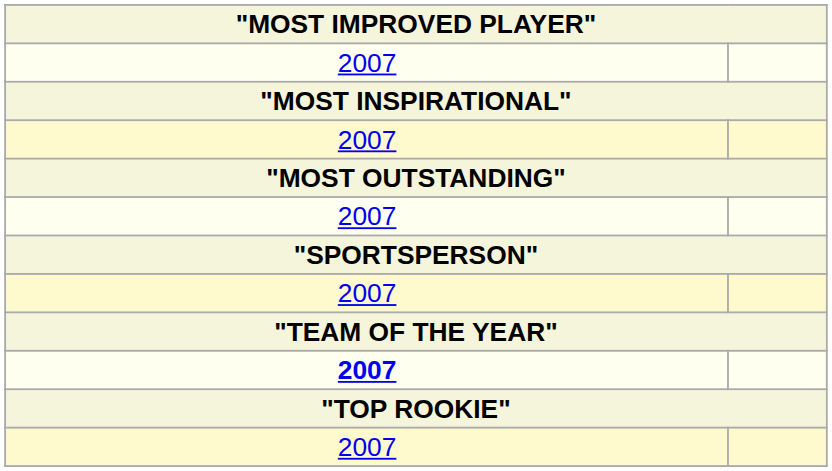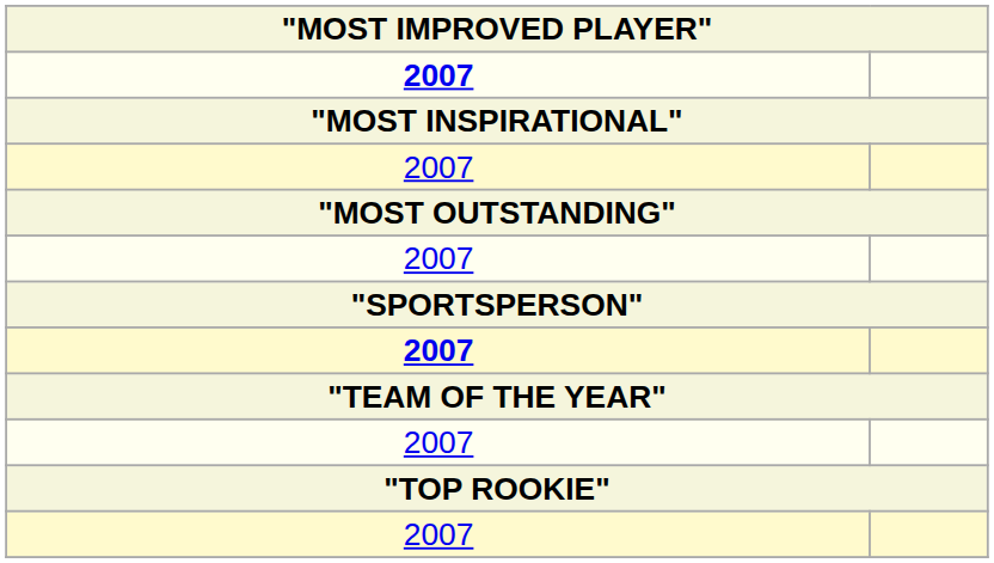 <table border=1 align=center width=72% cellpadding=2 cellspacing=2 style="background: ivory; font-size: 90%; border: 1px #aaaaaa solid; border-collapse: collapse; clear:center">
 <tr style="background:beige">
 <th colspan="2">"MOST IMPROVED PLAYER"</th>
 </tr>
 <tr>
-<td align="center"><a href='#'>2007</a></td>
+<td align="center"><strong><a href='#'>2007</a></strong></td>
 <td> <br></td>
 </tr>
 <tr style="background:beige">
 <th colspan="2">"MOST INSPIRATIONAL"</th>
 </tr>
 <tr style="background:lemonchiffon">
 <td align="center"><a href='#'>2007</a></td>
 <td></td>
 </tr>
 <tr style="background:beige">
 <th colspan="2">"MOST OUTSTANDING"</th>
 </tr>
 <tr>
 <td align="center"><a href='#'>2007</a></td>
 <td></td>
 </tr>
 <tr style="background:beige">
 <th colspan="2">"SPORTSPERSON"</th>
 </tr>
 <tr style="background:lemonchiffon">
-<td align="center"><a href='#'>2007</a></td>
+<td align="center"><strong><a href='#'>2007</a></strong></td>
 <td></td>
 </tr>
 <tr style="background:beige">
 <th colspan="2">"TEAM OF THE YEAR"</th>
 </tr>
 <tr>
-<td align="center"><strong><a href='#'>2007</a></strong></td>
+<td align="center"><a href='#'>2007</a></td>
 <td> <br></td>
 </tr>
 <tr style="background:beige">
 <th colspan="2">"TOP ROOKIE"</th>
 </tr>
 <tr style="background:lemonchiffon">
 <td align="center"><a href='#'>2007</a></td>
 <td></td>
 </tr>
 </table>
